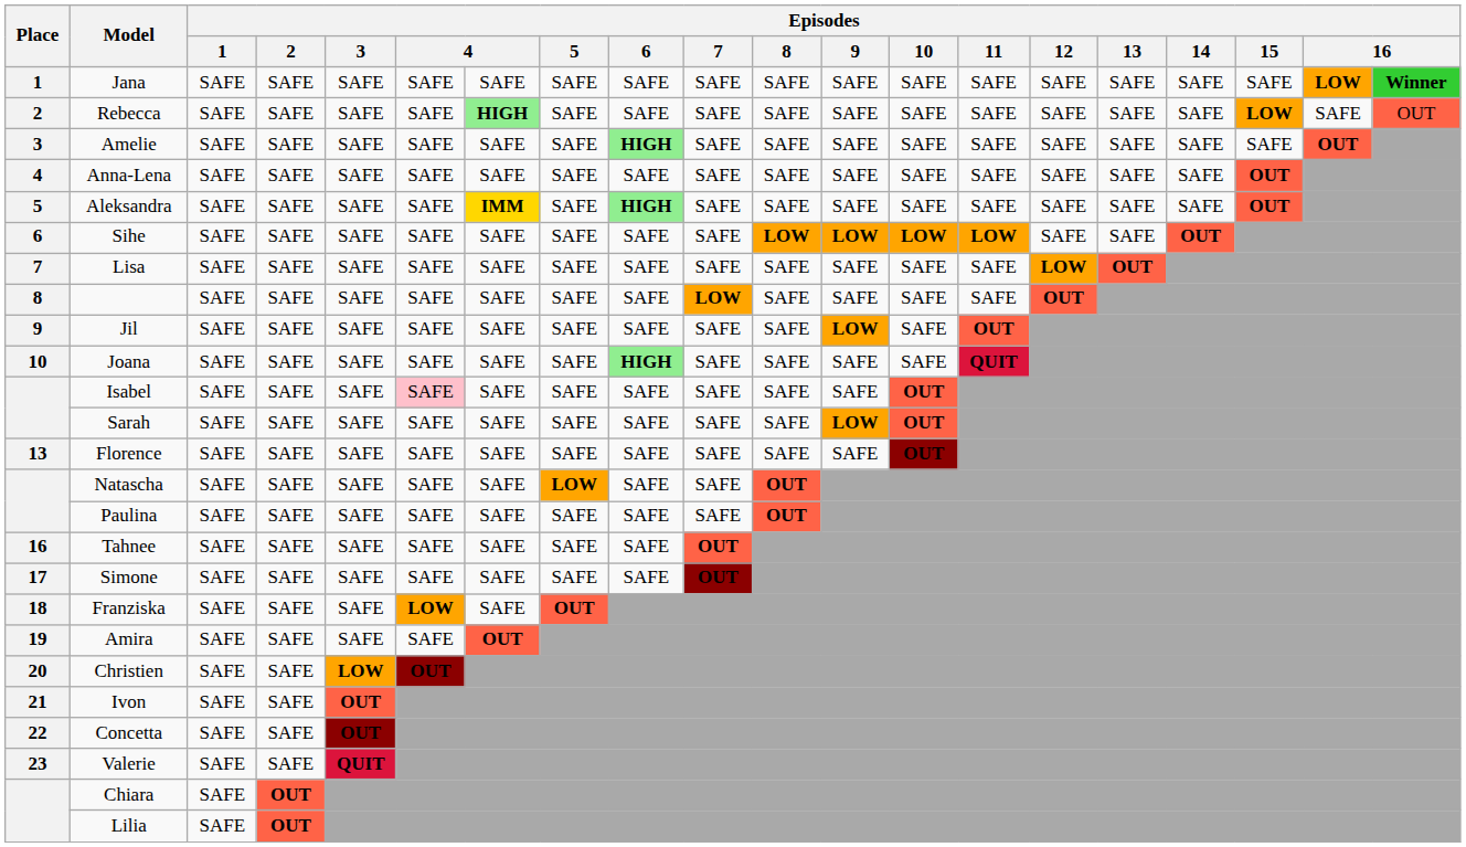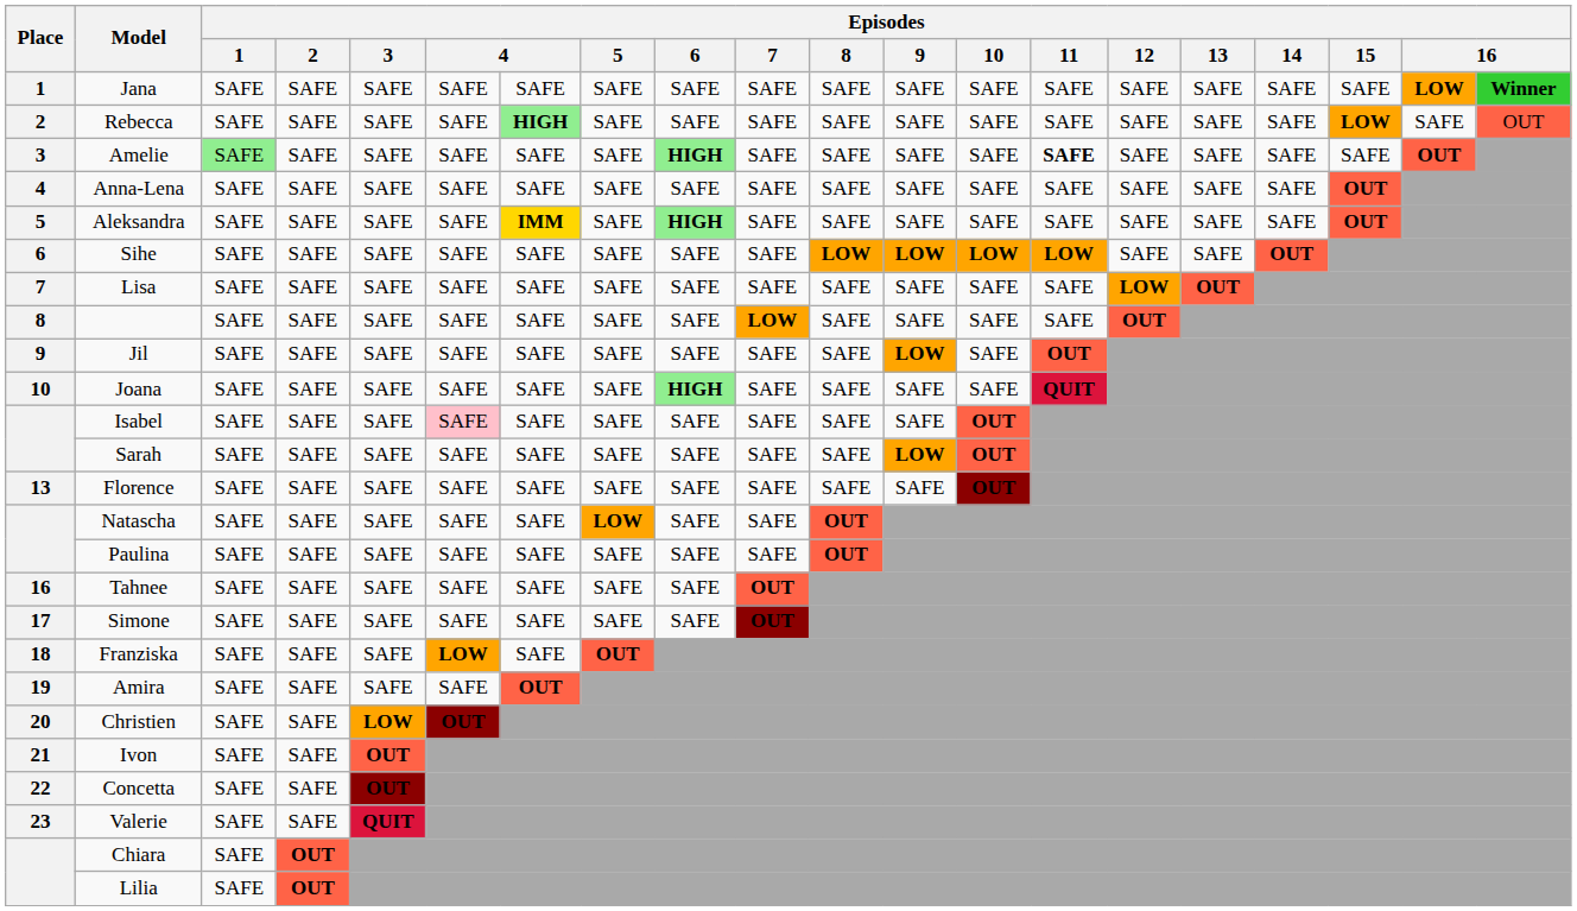 <table class="wikitable" style="width:50%; text-align:center; font-size:80%;">
 <tr>
 <th rowspan="2">Place</th>
 <th rowspan="2">Model</th>
 <th colspan="18">Episodes</th>
 </tr>
 <tr>
 <th>1</th>
 <th>2</th>
 <th>3</th>
 <th colspan=2>4</th>
 <th>5</th>
 <th>6</th>
 <th>7</th>
 <th>8</th>
 <th>9</th>
 <th>10</th>
 <th>11</th>
 <th>12</th>
 <th>13</th>
 <th>14</th>
 <th>15</th>
 <th colspan="2">16</th>
 </tr>
 <tr>
 <th>1</th>
 <td>Jana</td>
 <td>SAFE</td>
 <td>SAFE</td>
 <td>SAFE</td>
 <td>SAFE</td>
 <td>SAFE</td>
 <td>SAFE</td>
 <td>SAFE</td>
 <td>SAFE</td>
 <td>SAFE</td>
 <td>SAFE</td>
 <td>SAFE</td>
 <td>SAFE</td>
 <td>SAFE</td>
 <td>SAFE</td>
 <td>SAFE</td>
 <td>SAFE</td>
 <td style="background:orange;"><strong>LOW</strong></td>
 <td style="background:limegreen;"><strong>Winner</strong></td>
 </tr>
 <tr>
 <th>2</th>
 <td>Rebecca</td>
 <td>SAFE</td>
 <td>SAFE</td>
 <td>SAFE</td>
 <td>SAFE</td>
 <td style="background:lightgreen;"><strong>HIGH</strong></td>
 <td>SAFE</td>
 <td>SAFE</td>
 <td>SAFE</td>
 <td>SAFE</td>
 <td>SAFE</td>
 <td>SAFE</td>
 <td>SAFE</td>
 <td>SAFE</td>
 <td>SAFE</td>
 <td>SAFE</td>
 <td style="background:orange;"><strong>LOW</strong></td>
 <td>SAFE</td>
 <td style="background:tomato;">OUT</td>
 </tr>
 <tr>
 <th>3</th>
 <td>Amelie</td>
-<td>SAFE</td>
+<td style="background: lightgreen;">SAFE</td>
 <td>SAFE</td>
 <td>SAFE</td>
 <td>SAFE</td>
 <td>SAFE</td>
 <td>SAFE</td>
 <td style="background:lightgreen;"><strong>HIGH</strong></td>
 <td>SAFE</td>
 <td>SAFE</td>
 <td>SAFE</td>
 <td>SAFE</td>
-<td>SAFE</td>
+<td><strong>SAFE</strong></td>
 <td>SAFE</td>
 <td>SAFE</td>
 <td>SAFE</td>
 <td>SAFE</td>
 <td style="background:tomato;"><strong>OUT</strong></td>
 <td style="background:darkgrey;" colspan="12"></td>
 </tr>
 <tr>
 <th>4</th>
 <td>Anna-Lena</td>
 <td>SAFE</td>
 <td>SAFE</td>
 <td>SAFE</td>
 <td>SAFE</td>
 <td>SAFE</td>
 <td>SAFE</td>
 <td>SAFE</td>
 <td>SAFE</td>
 <td>SAFE</td>
 <td>SAFE</td>
 <td>SAFE</td>
 <td>SAFE</td>
 <td>SAFE</td>
 <td>SAFE</td>
 <td>SAFE</td>
 <td style="background:tomato;"><strong>OUT</strong></td>
 <td style="background:darkgrey;" colspan="12"></td>
 </tr>
 <tr>
 <th>5</th>
 <td>Aleksandra</td>
 <td>SAFE</td>
 <td>SAFE</td>
 <td>SAFE</td>
 <td>SAFE</td>
 <td style="background:gold;"><strong>IMM</strong></td>
 <td>SAFE</td>
 <td style="background:lightgreen;"><strong>HIGH</strong></td>
 <td>SAFE</td>
 <td>SAFE</td>
 <td>SAFE</td>
 <td>SAFE</td>
 <td>SAFE</td>
 <td>SAFE</td>
 <td>SAFE</td>
 <td>SAFE</td>
 <td style="background:tomato;"><strong>OUT</strong></td>
 <td style="background:darkgrey;" colspan="12"></td>
 </tr>
 <tr>
 <th>6</th>
 <td>Sihe</td>
 <td>SAFE</td>
 <td>SAFE</td>
 <td>SAFE</td>
 <td>SAFE</td>
 <td>SAFE</td>
 <td>SAFE</td>
 <td>SAFE</td>
 <td>SAFE</td>
 <td style="background:orange;"><strong>LOW</strong></td>
 <td style="background:orange;"><strong>LOW</strong></td>
 <td style="background:orange;"><strong>LOW</strong></td>
 <td style="background:orange;"><strong>LOW</strong></td>
 <td>SAFE</td>
 <td>SAFE</td>
 <td style="background:tomato;"><strong>OUT</strong></td>
 <td style="background:darkgrey;" colspan="12"></td>
 </tr>
 <tr>
 <th>7</th>
 <td>Lisa</td>
 <td>SAFE</td>
 <td>SAFE</td>
 <td>SAFE</td>
 <td>SAFE</td>
 <td>SAFE</td>
 <td>SAFE</td>
 <td>SAFE</td>
 <td>SAFE</td>
 <td>SAFE</td>
 <td>SAFE</td>
 <td>SAFE</td>
 <td>SAFE</td>
 <td style="background:orange;"><strong>LOW</strong></td>
 <td style="background:tomato;"><strong>OUT</strong></td>
 <td style="background:darkgrey;" colspan="12"></td>
 </tr>
 <tr>
 <th>8</th>
 <td></td>
 <td>SAFE</td>
 <td>SAFE</td>
 <td>SAFE</td>
 <td>SAFE</td>
 <td>SAFE</td>
 <td>SAFE</td>
 <td>SAFE</td>
 <td style="background:orange;"><strong>LOW</strong></td>
 <td>SAFE</td>
 <td>SAFE</td>
 <td>SAFE</td>
 <td>SAFE</td>
 <td style="background:tomato;"><strong>OUT</strong></td>
 <td style="background:darkgrey;" colspan="12"></td>
 </tr>
 <tr>
 <th>9</th>
 <td>Jil</td>
 <td>SAFE</td>
 <td>SAFE</td>
 <td>SAFE</td>
 <td>SAFE</td>
 <td>SAFE</td>
 <td>SAFE</td>
 <td>SAFE</td>
 <td>SAFE</td>
 <td>SAFE</td>
 <td style="background:orange;"><strong>LOW</strong></td>
 <td>SAFE</td>
 <td style="background:tomato;"><strong>OUT</strong></td>
 <td style="background:darkgrey;" colspan="12"></td>
 </tr>
 <tr>
 <th>10</th>
 <td>Joana</td>
 <td>SAFE</td>
 <td>SAFE</td>
 <td>SAFE</td>
 <td>SAFE</td>
 <td>SAFE</td>
 <td>SAFE</td>
 <td style="background:lightgreen;"><strong>HIGH</strong></td>
 <td>SAFE</td>
 <td>SAFE</td>
 <td>SAFE</td>
 <td>SAFE</td>
 <td style="background:crimson;"><span><strong>QUIT</strong></span></td>
 <td style="background:darkgrey;" colspan="17"></td>
 </tr>
 <tr>
 <th rowspan="2"></th>
 <td>Isabel</td>
 <td>SAFE</td>
 <td>SAFE</td>
 <td>SAFE</td>
 <td style="background: pink;">SAFE</td>
 <td>SAFE</td>
 <td>SAFE</td>
 <td>SAFE</td>
 <td>SAFE</td>
 <td>SAFE</td>
 <td>SAFE</td>
 <td style="background:tomato;"><strong>OUT</strong></td>
 <td style="background:darkgrey;" colspan="12"></td>
 </tr>
 <tr>
 <td>Sarah</td>
 <td>SAFE</td>
 <td>SAFE</td>
 <td>SAFE</td>
 <td>SAFE</td>
 <td>SAFE</td>
 <td>SAFE</td>
 <td>SAFE</td>
 <td>SAFE</td>
 <td>SAFE</td>
 <td style="background:orange;"><strong>LOW</strong></td>
 <td style="background:tomato;"><strong>OUT</strong></td>
 <td style="background:darkgrey;" colspan="12"></td>
 </tr>
 <tr>
 <th>13</th>
 <td>Florence</td>
 <td>SAFE</td>
 <td>SAFE</td>
 <td>SAFE</td>
 <td>SAFE</td>
 <td>SAFE</td>
 <td>SAFE</td>
 <td>SAFE</td>
 <td>SAFE</td>
 <td>SAFE</td>
 <td>SAFE</td>
 <td style="background:darkred;"><span><strong>OUT</strong></span></td>
 <td style="background:darkgrey;" colspan="17"></td>
 </tr>
 <tr>
 <th rowspan="2"></th>
 <td>Natascha</td>
 <td>SAFE</td>
 <td>SAFE</td>
 <td>SAFE</td>
 <td>SAFE</td>
 <td>SAFE</td>
 <td style="background:orange;"><strong>LOW</strong></td>
 <td>SAFE</td>
 <td>SAFE</td>
 <td style="background:tomato;"><strong>OUT</strong></td>
 <td style="background:darkgrey;" colspan="12"></td>
 </tr>
 <tr>
 <td>Paulina</td>
 <td>SAFE</td>
 <td>SAFE</td>
 <td>SAFE</td>
 <td>SAFE</td>
 <td>SAFE</td>
 <td>SAFE</td>
 <td>SAFE</td>
 <td>SAFE</td>
 <td style="background:tomato;"><strong>OUT</strong></td>
 <td style="background:darkgrey;" colspan="12"></td>
 </tr>
 <tr>
 <th>16</th>
 <td>Tahnee</td>
 <td>SAFE</td>
 <td>SAFE</td>
 <td>SAFE</td>
 <td>SAFE</td>
 <td>SAFE</td>
 <td>SAFE</td>
 <td>SAFE</td>
 <td style="background:tomato;"><strong>OUT</strong></td>
 <td style="background:darkgrey;" colspan="12"></td>
 </tr>
 <tr>
 <th>17</th>
 <td>Simone</td>
 <td>SAFE</td>
 <td>SAFE</td>
 <td>SAFE</td>
 <td>SAFE</td>
 <td>SAFE</td>
 <td>SAFE</td>
 <td>SAFE</td>
 <td style="background:darkred;"><span><strong>OUT</strong></span></td>
 <td style="background:darkgrey;" colspan="17"></td>
 </tr>
 <tr>
 <th>18</th>
 <td>Franziska</td>
 <td>SAFE</td>
 <td>SAFE</td>
 <td>SAFE</td>
 <td style="background:orange;"><strong>LOW</strong></td>
 <td>SAFE</td>
 <td style="background:tomato;"><strong>OUT</strong></td>
 <td style="background:darkgrey;" colspan="15"></td>
 </tr>
 <tr>
 <th>19</th>
 <td>Amira</td>
 <td>SAFE</td>
 <td>SAFE</td>
 <td>SAFE</td>
 <td>SAFE</td>
 <td style="background:tomato;"><strong>OUT</strong></td>
 <td style="background:darkgrey;" colspan="17"></td>
 </tr>
 <tr>
 <th>20</th>
 <td>Christien</td>
 <td>SAFE</td>
 <td>SAFE</td>
 <td style="background:orange;"><strong>LOW</strong></td>
 <td style="background:darkred;"><span><strong>OUT</strong></span></td>
 <td style="background:darkgrey;" colspan="17"></td>
 </tr>
 <tr>
 <th>21</th>
 <td>Ivon</td>
 <td>SAFE</td>
 <td>SAFE</td>
 <td style="background:tomato;"><strong>OUT</strong></td>
 <td style="background:darkgrey;" colspan="17"></td>
 </tr>
 <tr>
 <th>22</th>
 <td>Concetta</td>
 <td>SAFE</td>
 <td>SAFE</td>
 <td style="background:darkred;"><span><strong>OUT</strong></span></td>
 <td style="background:darkgrey;" colspan="17"></td>
 </tr>
 <tr>
 <th>23</th>
 <td>Valerie</td>
 <td>SAFE</td>
 <td>SAFE</td>
 <td style="background:crimson;"><span><strong>QUIT</strong></span></td>
 <td style="background:darkgrey;" colspan="17"></td>
 </tr>
 <tr>
 <th rowspan="2"></th>
 <td>Chiara</td>
 <td>SAFE</td>
 <td style="background:tomato;"><strong>OUT</strong></td>
 <td style="background:darkgrey;" colspan="17"></td>
 </tr>
 <tr>
 <td>Lilia</td>
 <td>SAFE</td>
 <td style="background:tomato;"><strong>OUT</strong></td>
 <td style="background:darkgrey;" colspan="17"></td>
 </tr>
 <tr>
 </tr>
 </table>
